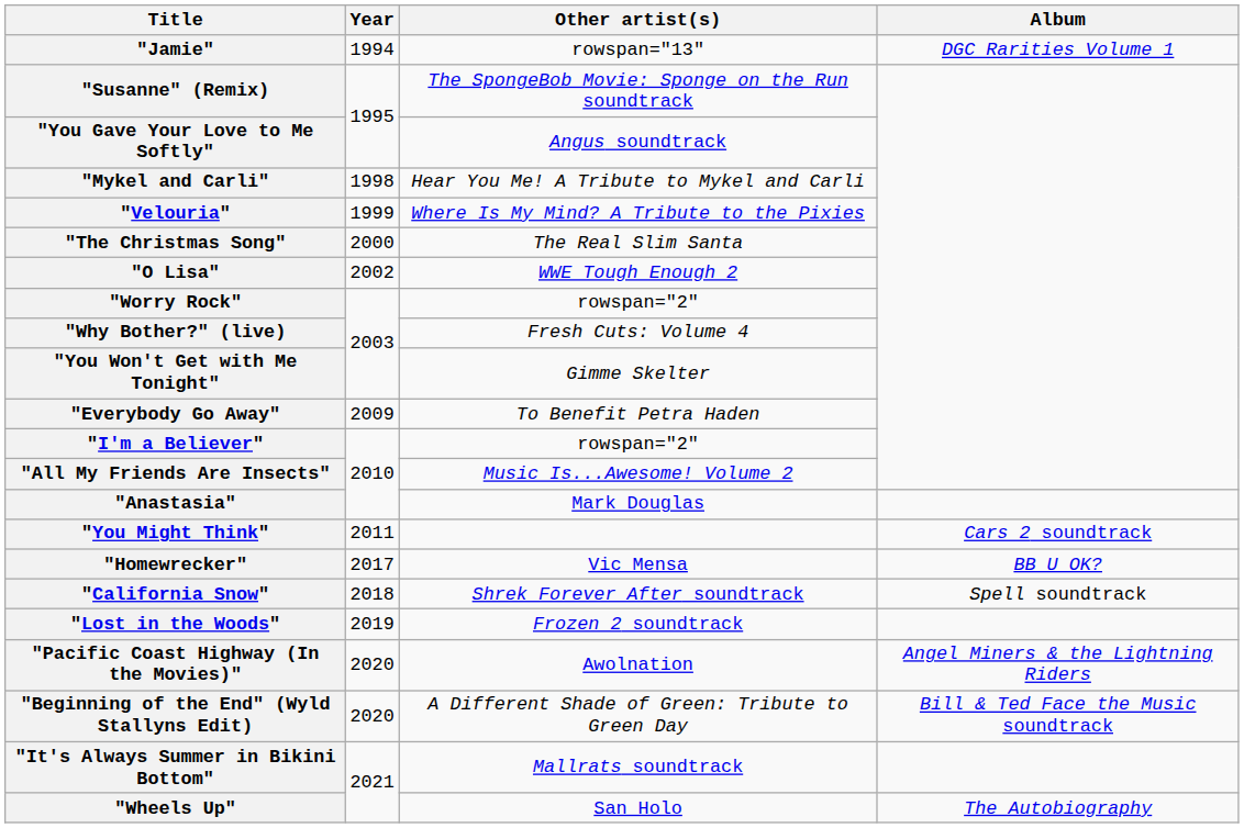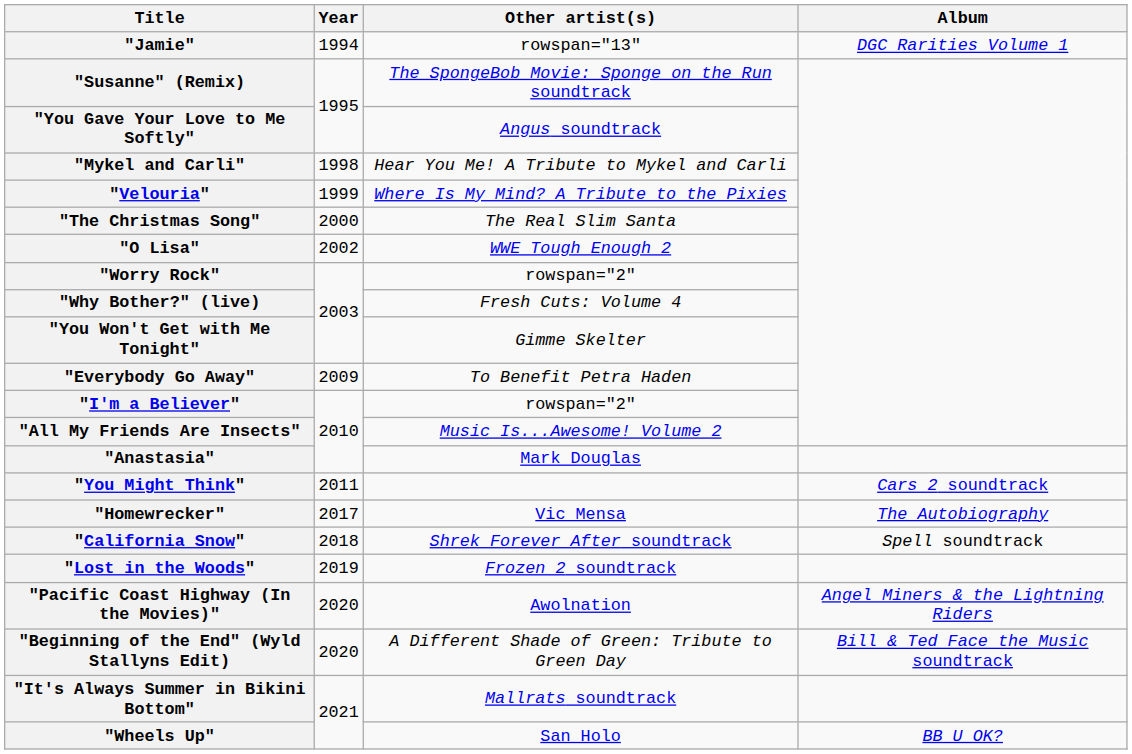 <table class="wikitable plainrowheaders" style="text-align:center;">
 <tr>
 <th scope="col" style="width:18em;">Title</th>
 <th scope="col">Year</th>
 <th scope="col">Other artist(s)</th>
 <th scope="col">Album</th>
 </tr>
 <tr>
 <th scope="row">"Jamie"</th>
 <td>1994</td>
 <td>rowspan="13" </td>
 <td><em><a href='#'>DGC Rarities Volume 1</a></em></td>
 </tr>
 <tr>
 <th scope="row">"Susanne" (Remix)</th>
 <td rowspan="2">1995</td>
 <td><a href='#'><em>The SpongeBob Movie: Sponge on the Run</em> soundtrack</a></td>
 </tr>
 <tr>
 <th scope="row">"You Gave Your Love to Me Softly"</th>
 <td><a href='#'><em>Angus</em> soundtrack</a></td>
 </tr>
 <tr>
 <th scope="row">"Mykel and Carli"</th>
 <td>1998</td>
 <td><em>Hear You Me! A Tribute to Mykel and Carli</em></td>
 </tr>
 <tr>
 <th scope="row">"<a href='#'>Velouria</a>"</th>
 <td>1999</td>
 <td><em><a href='#'>Where Is My Mind? A Tribute to the Pixies</a></em></td>
 </tr>
 <tr>
 <th scope="row">"The Christmas Song"</th>
 <td>2000</td>
 <td><em>The Real Slim Santa</em></td>
 </tr>
 <tr>
 <th scope="row">"O Lisa"</th>
 <td>2002</td>
 <td><em><a href='#'>WWE Tough Enough 2</a></em></td>
 </tr>
 <tr>
 <th scope="row">"Worry Rock"</th>
 <td rowspan="3">2003</td>
 <td>rowspan="2" </td>
 </tr>
 <tr>
 <th scope="row">"Why Bother?" (live)</th>
 <td><em>Fresh Cuts: Volume 4</em></td>
 </tr>
 <tr>
 <th scope="row">"You Won't Get with Me Tonight"</th>
 <td><em>Gimme Skelter</em></td>
 </tr>
 <tr>
 <th scope="row">"Everybody Go Away"</th>
 <td>2009</td>
 <td><em>To Benefit Petra Haden</em></td>
 </tr>
 <tr>
 <th scope="row">"<a href='#'>I'm a Believer</a>"</th>
 <td rowspan="3">2010</td>
 <td>rowspan="2" </td>
 </tr>
 <tr>
 <th scope="row">"All My Friends Are Insects"</th>
 <td><em><a href='#'>Music Is...Awesome! Volume 2</a></em></td>
 </tr>
 <tr>
 <th scope="row">"Anastasia"</th>
 <td><a href='#'>Mark Douglas</a></td>
 <td></td>
 </tr>
 <tr>
 <th scope="row">"<a href='#'>You Might Think</a>"</th>
 <td>2011</td>
 <td></td>
 <td><a href='#'><em>Cars 2</em> soundtrack</a></td>
 </tr>
 <tr>
 <th scope="row">"Homewrecker"</th>
 <td>2017</td>
 <td><a href='#'>Vic Mensa</a></td>
-<td><em><a href='#'>BB U OK?</a></em></td>
+<td><em><a href='#'>The Autobiography</a></em></td>
 </tr>
 <tr>
 <th scope="row">"<a href='#'>California Snow</a>"</th>
 <td>2018</td>
 <td><a href='#'><em>Shrek Forever After</em> soundtrack</a></td>
 <td><em>Spell</em> soundtrack</td>
 </tr>
 <tr>
 <th scope="row">"<a href='#'>Lost in the Woods</a>"</th>
 <td>2019</td>
 <td><a href='#'><em>Frozen 2</em> soundtrack</a></td>
 </tr>
 <tr>
 <th scope="row">"Pacific Coast Highway (In the Movies)"</th>
 <td>2020</td>
 <td><a href='#'>Awolnation</a></td>
 <td><em><a href='#'>Angel Miners & the Lightning Riders</a></em></td>
 </tr>
 <tr>
 <th scope="row">"Beginning of the End" (Wyld Stallyns Edit)</th>
 <td>2020</td>
 <td><em>A Different Shade of Green: Tribute to Green Day</em></td>
 <td><a href='#'><em>Bill & Ted Face the Music</em> soundtrack</a></td>
 </tr>
 <tr>
 <th scope="row">"It's Always Summer in Bikini Bottom"</th>
 <td rowspan="2">2021</td>
 <td><a href='#'><em>Mallrats</em> soundtrack</a></td>
 </tr>
 <tr>
 <th scope="row">"Wheels Up"</th>
 <td><a href='#'>San Holo</a></td>
-<td><em><a href='#'>The Autobiography</a></em></td>
+<td><em><a href='#'>BB U OK?</a></em></td>
 </tr>
 </table>
